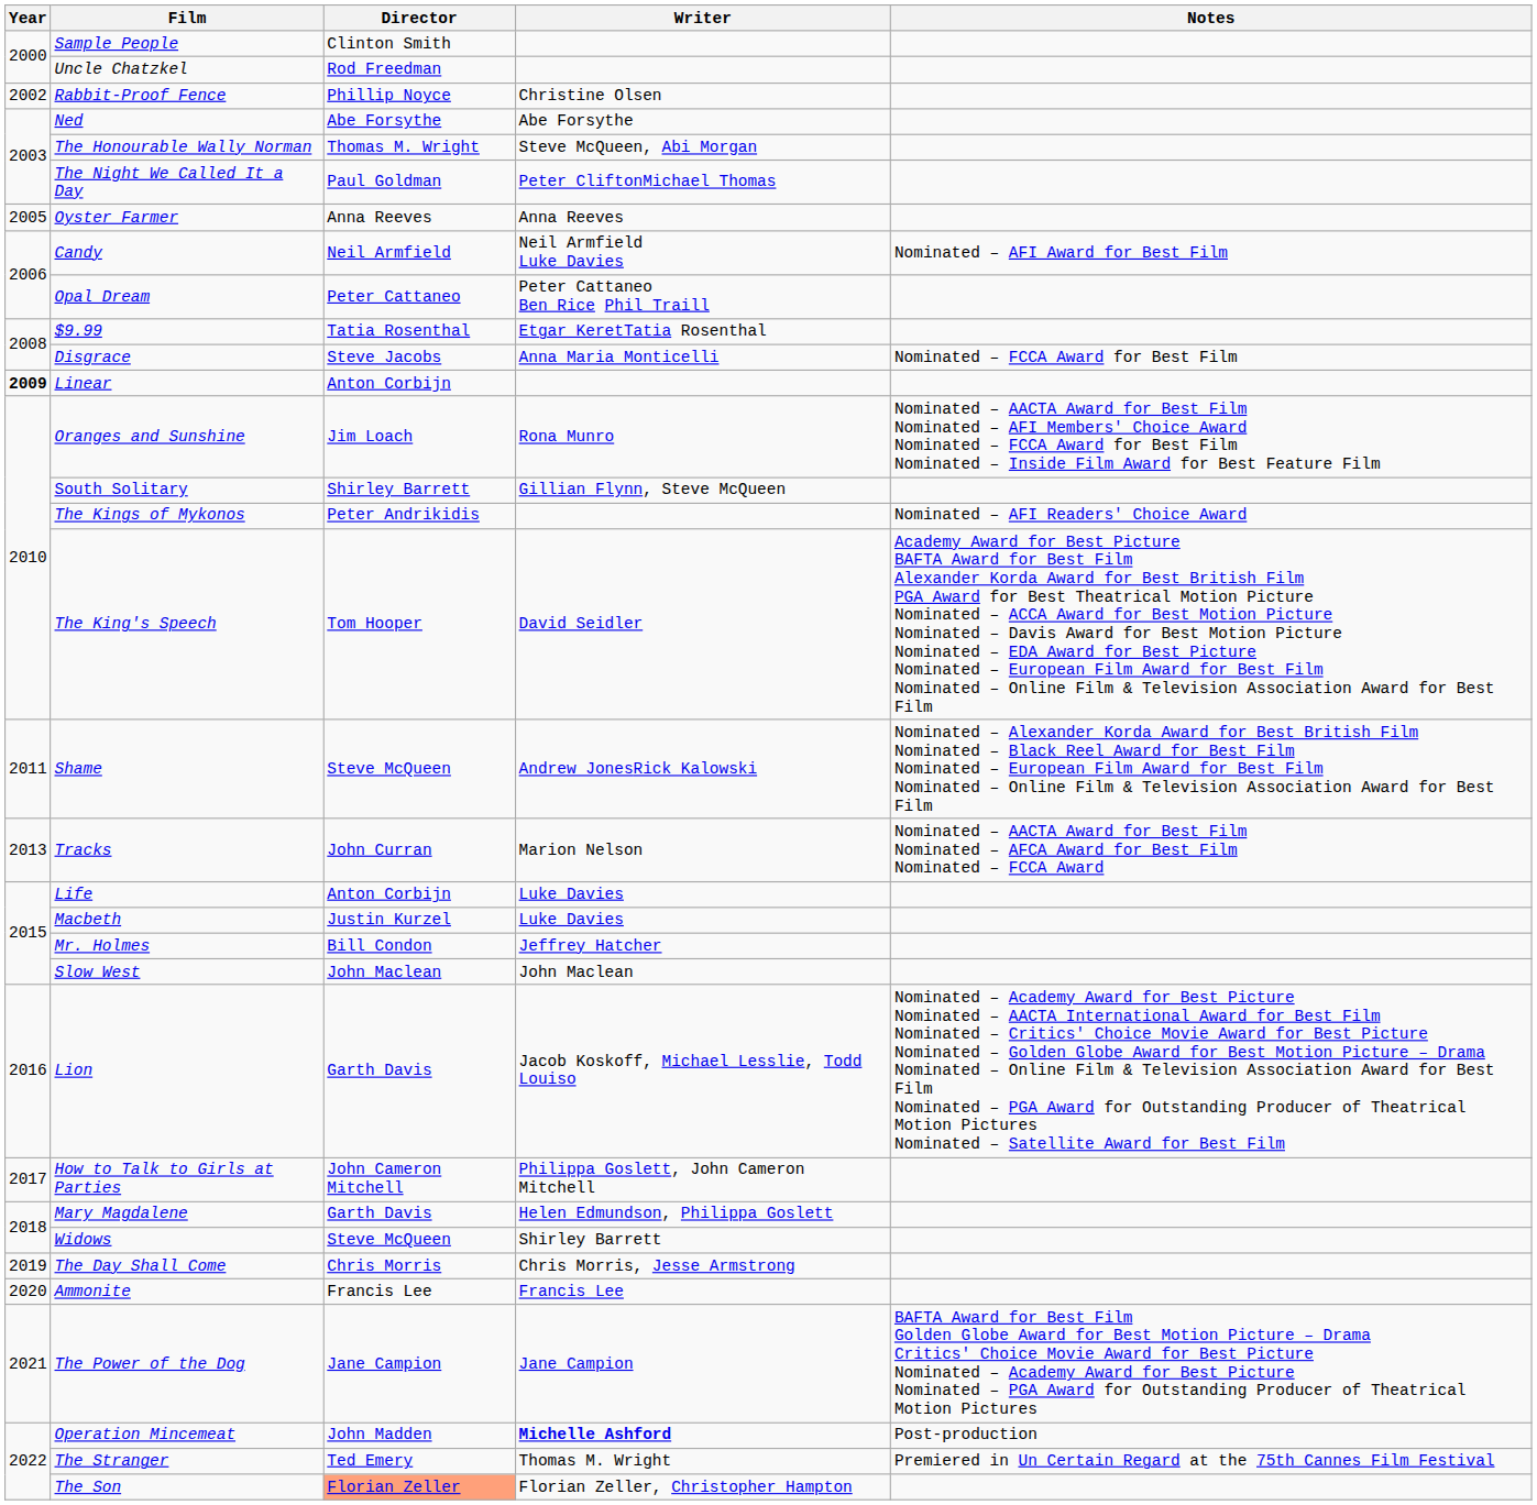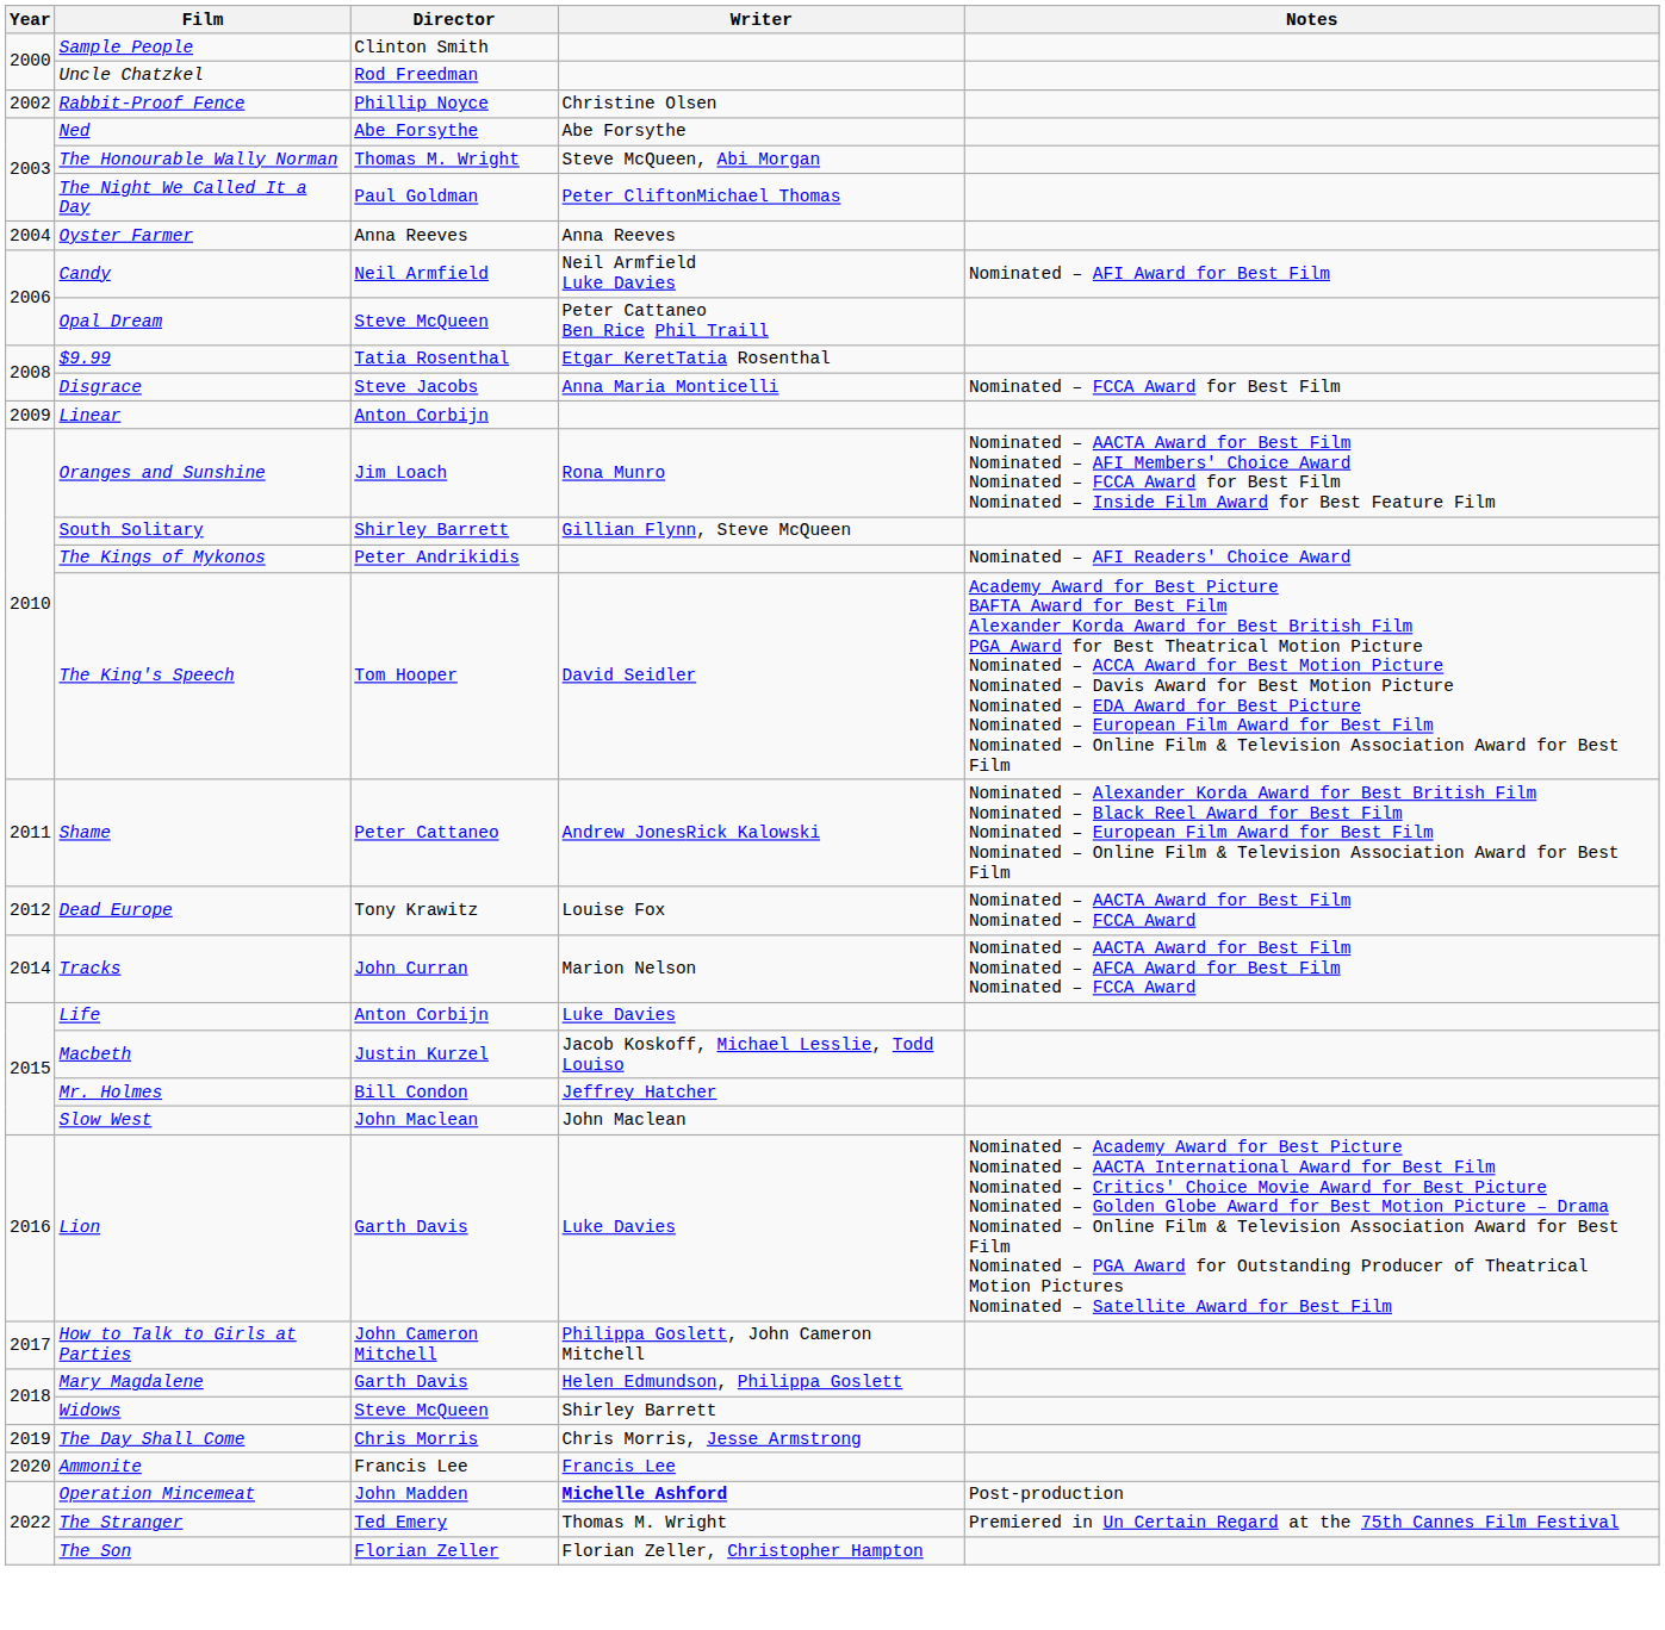 <table class="wikitable">
 <tr>
 <th>Year</th>
 <th>Film</th>
 <th>Director</th>
 <th>Writer</th>
 <th>Notes</th>
 </tr>
 <tr>
 <td rowspan="2">2000</td>
 <td><em><a href='#'>Sample People</a></em></td>
 <td>Clinton Smith</td>
 <td></td>
 <td></td>
 </tr>
 <tr>
 <td><em>Uncle Chatzkel</em></td>
 <td><a href='#'>Rod Freedman</a></td>
 <td></td>
 <td></td>
 </tr>
 <tr>
 <td>2002</td>
 <td><a href='#'><em>Rabbit-Proof Fence</em></a></td>
 <td><a href='#'>Phillip Noyce</a></td>
 <td>Christine Olsen</td>
 <td></td>
 </tr>
 <tr>
 <td rowspan="3">2003</td>
 <td><em><a href='#'>Ned</a></em></td>
 <td><a href='#'>Abe Forsythe</a></td>
 <td>Abe Forsythe</td>
 <td></td>
 </tr>
 <tr>
 <td><em><a href='#'>The Honourable Wally Norman</a></em></td>
 <td><a href='#'>Thomas M. Wright</a></td>
 <td>Steve McQueen, <a href='#'>Abi Morgan</a></td>
 <td></td>
 </tr>
 <tr>
 <td><em><a href='#'>The Night We Called It a Day</a></em></td>
 <td><a href='#'>Paul Goldman</a></td>
 <td><a href='#'>Peter Clifton</a><a href='#'>Michael Thomas</a></td>
 <td></td>
 </tr>
 <tr>
-<td>2005</td>
+<td>2004</td>
 <td><em><a href='#'>Oyster Farmer</a></em></td>
 <td>Anna Reeves</td>
 <td>Anna Reeves</td>
 <td></td>
 </tr>
 <tr>
 <td rowspan="2">2006</td>
 <td><em><a href='#'>Candy</a></em></td>
 <td><a href='#'>Neil Armfield</a></td>
 <td>Neil Armfield<br><a href='#'>Luke Davies</a></td>
 <td>Nominated – <a href='#'>AFI Award for Best Film</a></td>
 </tr>
 <tr>
 <td><em><a href='#'>Opal Dream</a></em></td>
-<td><a href='#'>Peter Cattaneo</a></td>
+<td><a href='#'>Steve McQueen</a></td>
 <td>Peter Cattaneo<br><a href='#'>Ben Rice</a> <a href='#'>Phil Traill</a></td>
 <td></td>
 </tr>
 <tr>
 <td rowspan="2">2008</td>
 <td><em><a href='#'>$9.99</a></em></td>
 <td><a href='#'>Tatia Rosenthal</a></td>
 <td><a href='#'>Etgar KeretTatia</a> Rosenthal</td>
 <td></td>
 </tr>
 <tr>
 <td><em><a href='#'>Disgrace</a></em></td>
 <td><a href='#'>Steve Jacobs</a></td>
 <td><a href='#'>Anna Maria Monticelli</a></td>
 <td>Nominated – <a href='#'>FCCA Award</a> for Best Film</td>
 </tr>
 <tr>
-<td><strong>2009</strong></td>
+<td>2009</td>
 <td><em><a href='#'>Linear</a></em></td>
 <td><a href='#'>Anton Corbijn</a></td>
 <td></td>
 <td></td>
 </tr>
 <tr>
 <td rowspan="4">2010</td>
 <td><em><a href='#'>Oranges and Sunshine</a></em></td>
 <td><a href='#'>Jim Loach</a></td>
 <td><a href='#'>Rona Munro</a></td>
 <td>Nominated – <a href='#'>AACTA Award for Best Film</a><br>Nominated – <a href='#'>AFI Members' Choice Award</a><br>Nominated – <a href='#'>FCCA Award</a> for Best Film<br>Nominated – <a href='#'>Inside Film Award</a> for Best Feature Film</td>
 </tr>
 <tr>
 <td><a href='#'>South Solitary</a></td>
 <td><a href='#'>Shirley Barrett</a></td>
 <td><a href='#'>Gillian Flynn</a>, Steve McQueen</td>
 <td></td>
 </tr>
 <tr>
 <td><em><a href='#'>The Kings of Mykonos</a></em></td>
 <td><a href='#'>Peter Andrikidis</a></td>
 <td></td>
 <td>Nominated – <a href='#'>AFI Readers' Choice Award</a></td>
 </tr>
 <tr>
 <td><em><a href='#'>The King's Speech</a></em></td>
 <td><a href='#'>Tom Hooper</a></td>
 <td><a href='#'>David Seidler</a></td>
 <td><a href='#'>Academy Award for Best Picture</a><br><a href='#'>BAFTA Award for Best Film</a><br><a href='#'>Alexander Korda Award for Best British Film</a><br><a href='#'>PGA Award</a> for Best Theatrical Motion Picture<br>Nominated – <a href='#'>ACCA Award for Best Motion Picture</a><br>Nominated – Davis Award for Best Motion Picture<br>Nominated – <a href='#'>EDA Award for Best Picture</a><br>Nominated – <a href='#'>European Film Award for Best Film</a><br>Nominated – Online Film & Television Association Award for Best Film</td>
 </tr>
 <tr>
 <td>2011</td>
 <td><em><a href='#'>Shame</a></em></td>
-<td><a href='#'>Steve McQueen</a></td>
+<td><a href='#'>Peter Cattaneo</a></td>
 <td><a href='#'>Andrew Jones</a><a href='#'>Rick Kalowski</a></td>
 <td>Nominated – <a href='#'>Alexander Korda Award for Best British Film</a><br>Nominated – <a href='#'>Black Reel Award for Best Film</a><br>Nominated – <a href='#'>European Film Award for Best Film</a><br>Nominated – Online Film & Television Association Award for Best Film</td>
 </tr>
 <tr>
-<td>2013</td>
+<td>2012</td>
+<td><em><a href='#'>Dead Europe</a></em></td>
+<td>Tony Krawitz</td>
+<td>Louise Fox</td>
+<td>Nominated – <a href='#'>AACTA Award for Best Film</a><br>Nominated – <a href='#'>FCCA Award</a></td>
+</tr>
+<tr>
+<td>2014</td>
 <td><em><a href='#'>Tracks</a></em></td>
 <td><a href='#'>John Curran</a></td>
 <td>Marion Nelson</td>
 <td>Nominated – <a href='#'>AACTA Award for Best Film</a><br>Nominated – <a href='#'>AFCA Award for Best Film</a><br>Nominated – <a href='#'>FCCA Award</a></td>
 </tr>
 <tr>
 <td rowspan="4">2015</td>
 <td><em><a href='#'>Life</a></em></td>
 <td><a href='#'>Anton Corbijn</a></td>
 <td><a href='#'>Luke Davies</a></td>
 <td></td>
 </tr>
 <tr>
 <td><em><a href='#'>Macbeth</a></em></td>
 <td><a href='#'>Justin Kurzel</a></td>
-<td><a href='#'>Luke Davies</a></td>
+<td>Jacob Koskoff, <a href='#'>Michael Lesslie</a>, <a href='#'>Todd Louiso</a></td>
 <td></td>
 </tr>
 <tr>
 <td><em><a href='#'>Mr. Holmes</a></em></td>
 <td><a href='#'>Bill Condon</a></td>
 <td><a href='#'>Jeffrey Hatcher</a></td>
 <td></td>
 </tr>
 <tr>
 <td><em><a href='#'>Slow West</a></em></td>
 <td><a href='#'>John Maclean</a></td>
 <td>John Maclean</td>
 <td></td>
 </tr>
 <tr>
 <td>2016</td>
 <td><em><a href='#'>Lion</a></em></td>
 <td><a href='#'>Garth Davis</a></td>
-<td>Jacob Koskoff, <a href='#'>Michael Lesslie</a>, <a href='#'>Todd Louiso</a></td>
+<td><a href='#'>Luke Davies</a></td>
 <td>Nominated – <a href='#'>Academy Award for Best Picture</a><br>Nominated – <a href='#'>AACTA International Award for Best Film</a><br>Nominated – <a href='#'>Critics' Choice Movie Award for Best Picture</a><br>Nominated – <a href='#'>Golden Globe Award for Best Motion Picture – Drama</a><br>Nominated – Online Film & Television Association Award for Best Film<br>Nominated – <a href='#'>PGA Award</a> for Outstanding Producer of Theatrical Motion Pictures<br>Nominated – <a href='#'>Satellite Award for Best Film</a></td>
 </tr>
 <tr>
 <td rowspan="1">2017</td>
 <td><em><a href='#'>How to Talk to Girls at Parties</a></em></td>
 <td><a href='#'>John Cameron Mitchell</a></td>
 <td><a href='#'>Philippa Goslett</a>, John Cameron Mitchell</td>
 <td></td>
 </tr>
 <tr>
 <td rowspan="2">2018</td>
 <td><em><a href='#'>Mary Magdalene</a></em></td>
 <td><a href='#'>Garth Davis</a></td>
 <td><a href='#'>Helen Edmundson</a>, <a href='#'>Philippa Goslett</a></td>
 <td></td>
 </tr>
 <tr>
 <td><em><a href='#'>Widows</a></em></td>
 <td><a href='#'>Steve McQueen</a></td>
 <td>Shirley Barrett</td>
 <td></td>
 </tr>
 <tr>
 <td>2019</td>
 <td><em><a href='#'>The Day Shall Come</a></em></td>
 <td><a href='#'>Chris Morris</a></td>
 <td>Chris Morris, <a href='#'>Jesse Armstrong</a></td>
 <td></td>
 </tr>
 <tr>
 <td>2020</td>
 <td><em><a href='#'>Ammonite</a></em></td>
 <td>Francis Lee</td>
 <td><a href='#'>Francis Lee</a></td>
 <td></td>
 </tr>
 <tr>
-<td>2021</td>
-<td><em><a href='#'>The Power of the Dog</a></em></td>
-<td><a href='#'>Jane Campion</a></td>
-<td><a href='#'>Jane Campion</a></td>
-<td><a href='#'>BAFTA Award for Best Film</a><br><a href='#'>Golden Globe Award for Best Motion Picture – Drama</a><br><a href='#'>Critics' Choice Movie Award for Best Picture</a><br>Nominated – <a href='#'>Academy Award for Best Picture</a><br>Nominated – <a href='#'>PGA Award</a> for Outstanding Producer of Theatrical Motion Pictures</td>
-</tr>
-<tr>
 <td rowspan="3">2022</td>
 <td><em><a href='#'>Operation Mincemeat</a></em></td>
 <td><a href='#'>John Madden</a></td>
 <td><strong><a href='#'>Michelle Ashford</a></strong></td>
 <td>Post-production</td>
 </tr>
 <tr>
 <td><em><a href='#'>The Stranger</a></em></td>
 <td><a href='#'>Ted Emery</a></td>
 <td>Thomas M. Wright</td>
 <td>Premiered in <a href='#'>Un Certain Regard</a> at the <a href='#'>75th Cannes Film Festival</a></td>
 </tr>
 <tr>
 <td><em><a href='#'>The Son</a></em></td>
-<td style="background: lightsalmon;"><a href='#'>Florian Zeller</a></td>
+<td><a href='#'>Florian Zeller</a></td>
 <td>Florian Zeller, <a href='#'>Christopher Hampton</a></td>
 <td></td>
 </tr>
 </table>
